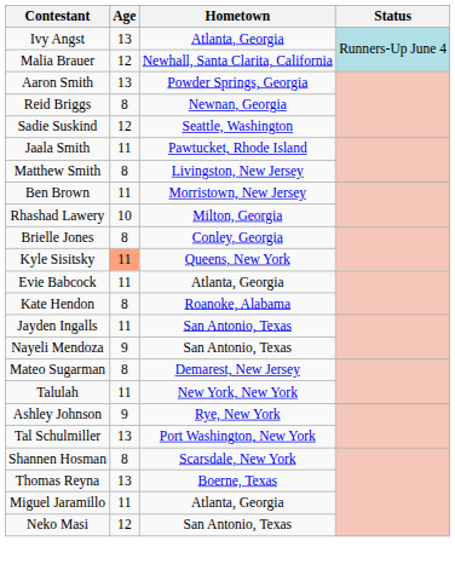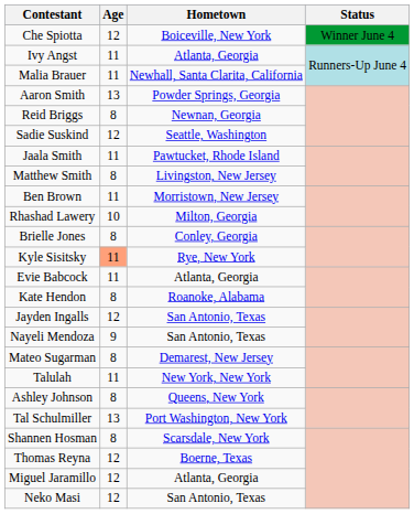 <table class="wikitable sortable" style="text-align:center">
 <tr style="background:#C1D8FF;">
 <th>Contestant</th>
 <th>Age</th>
 <th>Hometown</th>
 <th>Status</th>
 </tr>
 <tr>
+<td>Che Spiotta</td>
+<td>12</td>
+<td><a href='#'>Boiceville, New York</a></td>
+<td style="background:#093;"><span>Winner June 4</span></td>
+</tr>
+<tr>
 <td>Ivy Angst</td>
-<td>13</td>
+<td>11</td>
 <td><a href='#'>Atlanta, Georgia</a></td>
 <td style="background:#B0E0E6; text'align:center;" rowspan="2">Runners-Up June 4</td>
 </tr>
 <tr>
 <td>Malia Brauer</td>
-<td>12</td>
+<td>11</td>
 <td><a href='#'>Newhall, Santa Clarita, California</a></td>
 </tr>
 <tr>
 <td>Aaron Smith</td>
 <td>13</td>
 <td><a href='#'>Powder Springs, Georgia</a></td>
 <td style="background:#f4c7b8; text'align:center;" rowspan="3"></td>
 </tr>
 <tr>
 <td>Reid Briggs</td>
 <td>8</td>
 <td><a href='#'>Newnan, Georgia</a></td>
 </tr>
 <tr>
 <td>Sadie Suskind</td>
 <td>12</td>
 <td><a href='#'>Seattle, Washington</a></td>
 </tr>
 <tr>
 <td>Jaala Smith</td>
 <td>11</td>
 <td><a href='#'>Pawtucket, Rhode Island</a></td>
 <td style="background:#f4c7b8; text'align:center;" rowspan="2"></td>
 </tr>
 <tr>
 <td>Matthew Smith</td>
 <td>8</td>
 <td><a href='#'>Livingston, New Jersey</a></td>
 </tr>
 <tr>
 <td>Ben Brown</td>
 <td>11</td>
 <td><a href='#'>Morristown, New Jersey</a></td>
 <td style="background:#f4c7b8; text'align:center;" rowspan="2"></td>
 </tr>
 <tr>
 <td>Rhashad Lawery</td>
 <td>10</td>
 <td><a href='#'>Milton, Georgia</a></td>
 </tr>
 <tr>
 <td>Brielle Jones</td>
 <td>8</td>
 <td><a href='#'>Conley, Georgia</a></td>
 <td style="background:#f4c7b8; text'align:center;" rowspan="2"></td>
 </tr>
 <tr>
 <td>Kyle Sisitsky</td>
 <td style="background: lightsalmon;">11</td>
-<td><a href='#'>Queens, New York</a></td>
+<td><a href='#'>Rye, New York</a></td>
 </tr>
 <tr>
 <td>Evie Babcock</td>
 <td>11</td>
 <td>Atlanta, Georgia</td>
 <td style="background:#f4c7b8; text'align:center;" rowspan="2"></td>
 </tr>
 <tr>
 <td>Kate Hendon</td>
 <td>8</td>
 <td><a href='#'>Roanoke, Alabama</a></td>
 </tr>
 <tr>
 <td>Jayden Ingalls</td>
-<td>11</td>
+<td>12</td>
 <td><a href='#'>San Antonio, Texas</a></td>
 <td style="background:#f4c7b8; text'align:center;" rowspan="2"></td>
 </tr>
 <tr>
 <td>Nayeli Mendoza</td>
 <td>9</td>
 <td>San Antonio, Texas</td>
 </tr>
 <tr>
 <td>Mateo Sugarman</td>
 <td>8</td>
 <td><a href='#'>Demarest, New Jersey</a></td>
 <td style="background:#f4c7b8; text'align:center;" rowspan="2"></td>
 </tr>
 <tr>
 <td>Talulah</td>
 <td>11</td>
 <td><a href='#'>New York, New York</a></td>
 </tr>
 <tr>
 <td>Ashley Johnson</td>
-<td>9</td>
-<td><a href='#'>Rye, New York</a></td>
+<td>8</td>
+<td><a href='#'>Queens, New York</a></td>
 <td style="background:#f4c7b8; text'align:center;" rowspan="2"></td>
 </tr>
 <tr>
 <td>Tal Schulmiller</td>
 <td>13</td>
 <td><a href='#'>Port Washington, New York</a></td>
 </tr>
 <tr>
 <td>Shannen Hosman</td>
 <td>8</td>
 <td><a href='#'>Scarsdale, New York</a></td>
 <td style="background:#f4c7b8; text'align:center;" rowspan="4"></td>
 </tr>
 <tr>
 <td>Thomas Reyna</td>
-<td>13</td>
+<td>12</td>
 <td><a href='#'>Boerne, Texas</a></td>
 </tr>
 <tr>
 <td>Miguel Jaramillo</td>
-<td>11</td>
+<td>12</td>
 <td>Atlanta, Georgia</td>
 </tr>
 <tr>
 <td>Neko Masi</td>
 <td>12</td>
 <td>San Antonio, Texas</td>
 </tr>
 </table>
